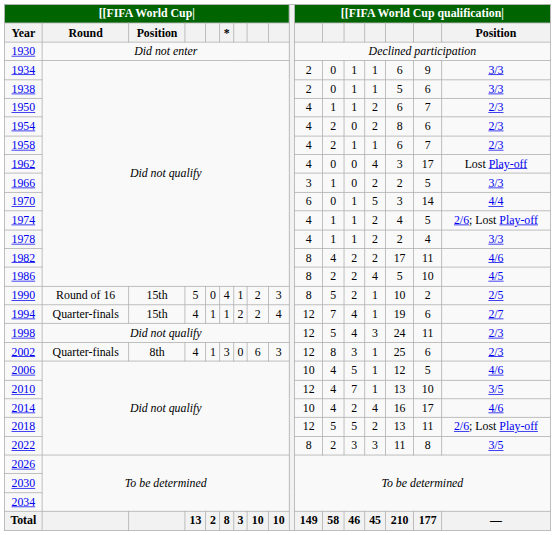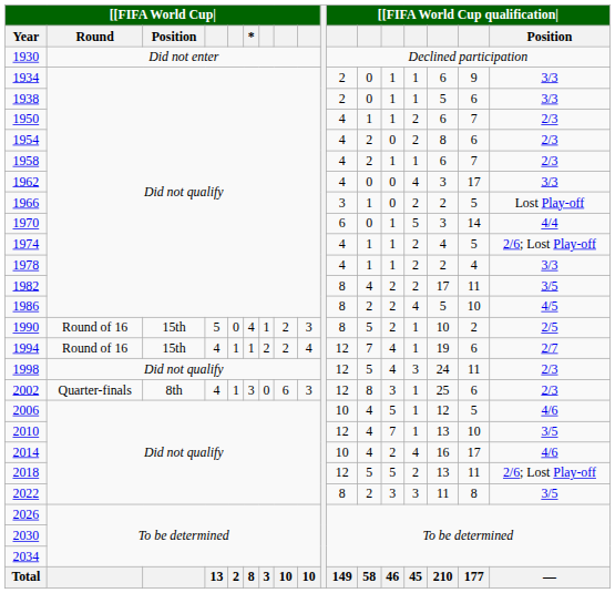 <table class="wikitable" style="text-align: center;">
 <tr>
 <th colspan=9 style="background:#006400;color:#FFFFFF;">[[FIFA World Cup|</th>
 <th style="width:1%;" rowspan="28"></th>
 <th colspan=7 style="background:#006400;color:#FFFFFF;">[[FIFA World Cup qualification|</th>
 </tr>
 <tr>
 <th>Year</th>
 <th>Round</th>
 <th>Position</th>
 <th></th>
 <th></th>
 <th>*</th>
 <th></th>
 <th></th>
 <th></th>
 <th></th>
 <th></th>
 <th></th>
 <th></th>
 <th></th>
 <th></th>
 <th>Position</th>
 </tr>
 <tr>
 <td> <a href='#'>1930</a></td>
 <td colspan=8><em>Did not enter</em></td>
 <td colspan=7><em>Declined participation</em></td>
 </tr>
 <tr>
 <td> <a href='#'>1934</a></td>
 <td rowspan=12 colspan=8><em>Did not qualify</em></td>
 <td>2</td>
 <td>0</td>
 <td>1</td>
 <td>1</td>
 <td>6</td>
 <td>9</td>
 <td><a href='#'>3/3</a></td>
 </tr>
 <tr>
 <td> <a href='#'>1938</a></td>
 <td>2</td>
 <td>0</td>
 <td>1</td>
 <td>1</td>
 <td>5</td>
 <td>6</td>
 <td><a href='#'>3/3</a></td>
 </tr>
 <tr>
 <td> <a href='#'>1950</a></td>
 <td>4</td>
 <td>1</td>
 <td>1</td>
 <td>2</td>
 <td>6</td>
 <td>7</td>
 <td><a href='#'>2/3</a></td>
 </tr>
 <tr>
 <td> <a href='#'>1954</a></td>
 <td>4</td>
 <td>2</td>
 <td>0</td>
 <td>2</td>
 <td>8</td>
 <td>6</td>
 <td><a href='#'>2/3</a></td>
 </tr>
 <tr>
 <td> <a href='#'>1958</a></td>
 <td>4</td>
 <td>2</td>
 <td>1</td>
 <td>1</td>
 <td>6</td>
 <td>7</td>
 <td><a href='#'>2/3</a></td>
 </tr>
 <tr>
 <td> <a href='#'>1962</a></td>
 <td>4</td>
 <td>0</td>
 <td>0</td>
 <td>4</td>
 <td>3</td>
 <td>17</td>
-<td>Lost <a href='#'>Play-off</a></td>
+<td><a href='#'>3/3</a></td>
 </tr>
 <tr>
 <td> <a href='#'>1966</a></td>
 <td>3</td>
 <td>1</td>
 <td>0</td>
 <td>2</td>
 <td>2</td>
 <td>5</td>
-<td><a href='#'>3/3</a></td>
+<td>Lost <a href='#'>Play-off</a></td>
 </tr>
 <tr>
 <td> <a href='#'>1970</a></td>
 <td>6</td>
 <td>0</td>
 <td>1</td>
 <td>5</td>
 <td>3</td>
 <td>14</td>
 <td><a href='#'>4/4</a></td>
 </tr>
 <tr>
 <td> <a href='#'>1974</a></td>
 <td>4</td>
 <td>1</td>
 <td>1</td>
 <td>2</td>
 <td>4</td>
 <td>5</td>
 <td><a href='#'>2/6</a>; Lost <a href='#'>Play-off</a></td>
 </tr>
 <tr>
 <td> <a href='#'>1978</a></td>
 <td>4</td>
 <td>1</td>
 <td>1</td>
 <td>2</td>
 <td>2</td>
 <td>4</td>
 <td><a href='#'>3/3</a></td>
 </tr>
 <tr>
 <td> <a href='#'>1982</a></td>
 <td>8</td>
 <td>4</td>
 <td>2</td>
 <td>2</td>
 <td>17</td>
 <td>11</td>
-<td><a href='#'>4/6</a></td>
+<td><a href='#'>3/5</a></td>
 </tr>
 <tr>
 <td> <a href='#'>1986</a></td>
 <td>8</td>
 <td>2</td>
 <td>2</td>
 <td>4</td>
 <td>5</td>
 <td>10</td>
 <td><a href='#'>4/5</a></td>
 </tr>
 <tr>
 <td> <a href='#'>1990</a></td>
 <td>Round of 16</td>
 <td>15th</td>
 <td>5</td>
 <td>0</td>
 <td>4</td>
 <td>1</td>
 <td>2</td>
 <td>3</td>
 <td>8</td>
 <td>5</td>
 <td>2</td>
 <td>1</td>
 <td>10</td>
 <td>2</td>
 <td><a href='#'>2/5</a></td>
 </tr>
 <tr>
 <td> <a href='#'>1994</a></td>
-<td>Quarter-finals</td>
+<td>Round of 16</td>
 <td>15th</td>
 <td>4</td>
 <td>1</td>
 <td>1</td>
 <td>2</td>
 <td>2</td>
 <td>4</td>
 <td>12</td>
 <td>7</td>
 <td>4</td>
 <td>1</td>
 <td>19</td>
 <td>6</td>
 <td><a href='#'>2/7</a></td>
 </tr>
 <tr>
 <td> <a href='#'>1998</a></td>
 <td colspan=8><em>Did not qualify</em></td>
 <td>12</td>
 <td>5</td>
 <td>4</td>
 <td>3</td>
 <td>24</td>
 <td>11</td>
 <td><a href='#'>2/3</a></td>
 </tr>
 <tr>
 <td>  <a href='#'>2002</a></td>
 <td>Quarter-finals</td>
 <td>8th</td>
 <td>4</td>
 <td>1</td>
 <td>3</td>
 <td>0</td>
 <td>6</td>
 <td>3</td>
 <td>12</td>
 <td>8</td>
 <td>3</td>
 <td>1</td>
 <td>25</td>
 <td>6</td>
 <td><a href='#'>2/3</a></td>
 </tr>
 <tr>
 <td> <a href='#'>2006</a></td>
 <td rowspan=5 colspan=8><em>Did not qualify</em></td>
 <td>10</td>
 <td>4</td>
 <td>5</td>
 <td>1</td>
 <td>12</td>
 <td>5</td>
 <td><a href='#'>4/6</a></td>
 </tr>
 <tr>
 <td> <a href='#'>2010</a></td>
 <td>12</td>
 <td>4</td>
 <td>7</td>
 <td>1</td>
 <td>13</td>
 <td>10</td>
 <td><a href='#'>3/5</a></td>
 </tr>
 <tr>
 <td> <a href='#'>2014</a></td>
 <td>10</td>
 <td>4</td>
 <td>2</td>
 <td>4</td>
 <td>16</td>
 <td>17</td>
 <td><a href='#'>4/6</a></td>
 </tr>
 <tr>
 <td> <a href='#'>2018</a></td>
 <td>12</td>
 <td>5</td>
 <td>5</td>
 <td>2</td>
 <td>13</td>
 <td>11</td>
 <td><a href='#'>2/6</a>; Lost <a href='#'>Play-off</a></td>
 </tr>
 <tr>
 <td> <a href='#'>2022</a></td>
 <td>8</td>
 <td>2</td>
 <td>3</td>
 <td>3</td>
 <td>11</td>
 <td>8</td>
 <td><a href='#'>3/5</a></td>
 </tr>
 <tr>
 <td>   <a href='#'>2026</a></td>
 <td colspan=8 rowspan=3><em>To be determined</em></td>
 <td colspan=8 rowspan=3><em>To be determined</em></td>
 </tr>
 <tr>
 <td>   <a href='#'>2030</a></td>
 </tr>
 <tr>
 <td> <a href='#'>2034</a></td>
 </tr>
 <tr>
 <th>Total</th>
 <th></th>
 <th></th>
 <th>13</th>
 <th>2</th>
 <th>8</th>
 <th>3</th>
 <th>10</th>
 <th>10</th>
 <th>149</th>
 <th>58</th>
 <th>46</th>
 <th>45</th>
 <th>210</th>
 <th>177</th>
 <th>—</th>
 </tr>
 </table>
